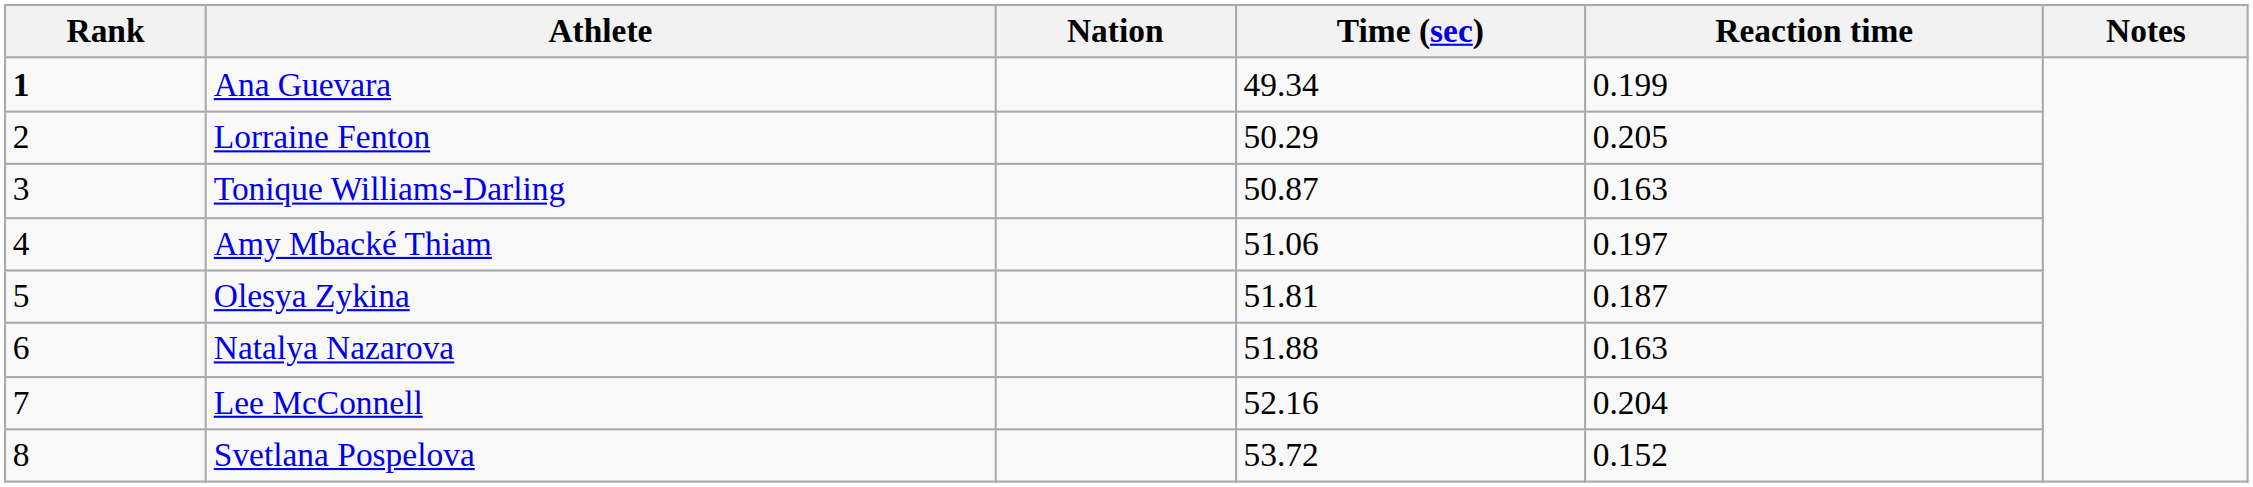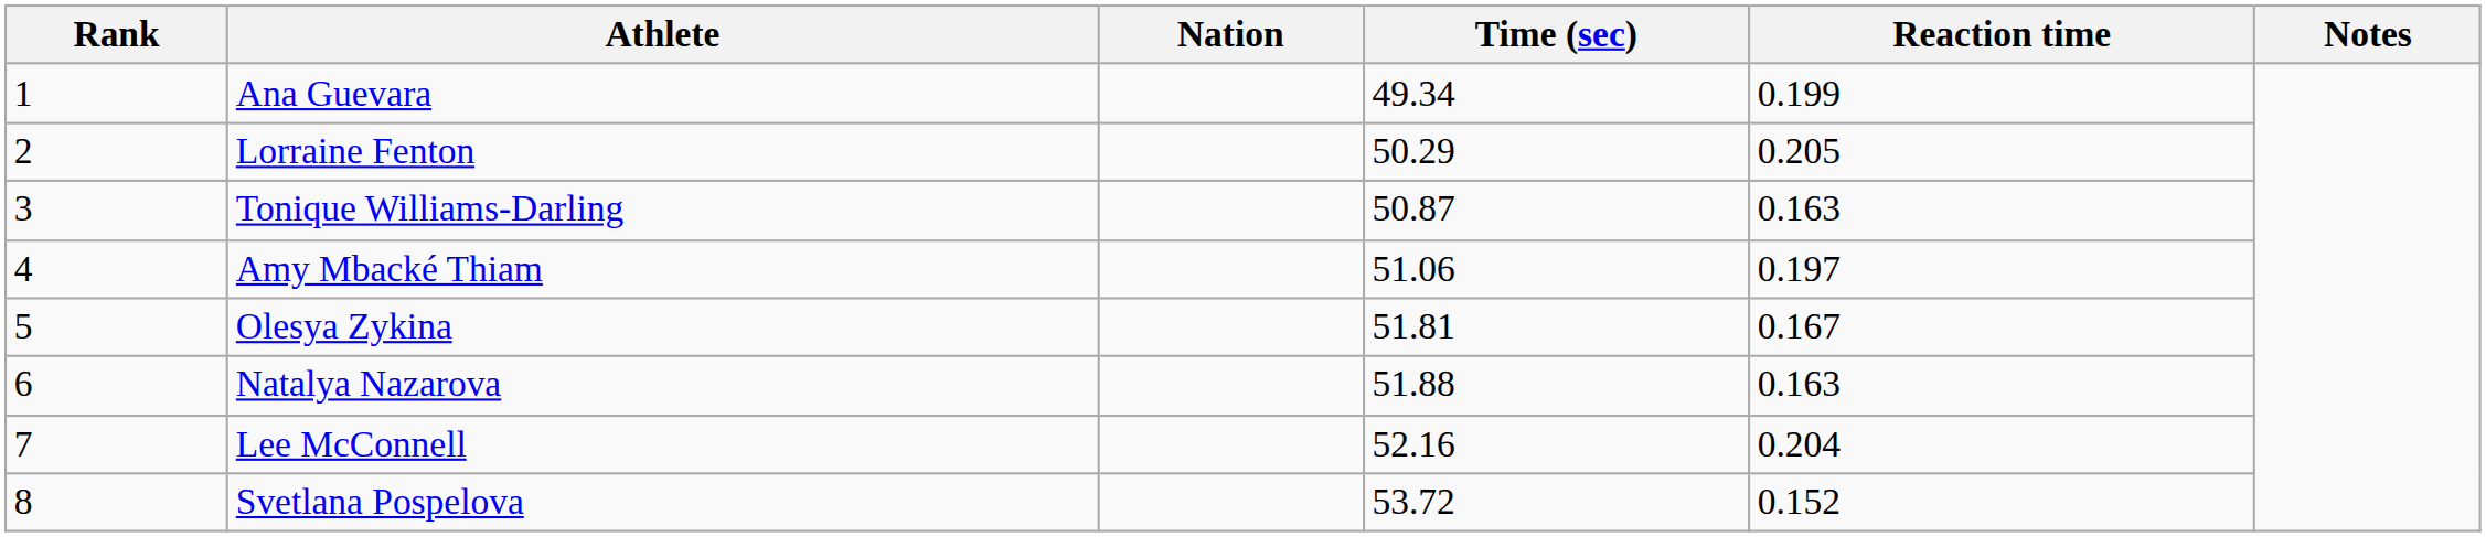 <table class="wikitable" style="text=align:center;" width=85%>
 <tr>
 <th>Rank</th>
 <th>Athlete</th>
 <th>Nation</th>
 <th>Time (<a href='#'>sec</a>)</th>
 <th>Reaction time</th>
 <th>Notes</th>
 </tr>
 <tr>
-<td><strong>1</strong></td>
+<td>1</td>
 <td><a href='#'>Ana Guevara</a></td>
 <td></td>
 <td>49.34</td>
 <td>0.199</td>
 </tr>
 <tr>
 <td>2</td>
 <td><a href='#'>Lorraine Fenton</a></td>
 <td></td>
 <td>50.29</td>
 <td>0.205</td>
 </tr>
 <tr>
 <td>3</td>
 <td><a href='#'>Tonique Williams-Darling</a></td>
 <td></td>
 <td>50.87</td>
 <td>0.163</td>
 </tr>
 <tr>
 <td>4</td>
 <td><a href='#'>Amy Mbacké Thiam</a></td>
 <td></td>
 <td>51.06</td>
 <td>0.197</td>
 </tr>
 <tr>
 <td>5</td>
 <td><a href='#'>Olesya Zykina</a></td>
 <td></td>
 <td>51.81</td>
-<td>0.187</td>
+<td>0.167</td>
 </tr>
 <tr>
 <td>6</td>
 <td><a href='#'>Natalya Nazarova</a></td>
 <td></td>
 <td>51.88</td>
 <td>0.163</td>
 </tr>
 <tr>
 <td>7</td>
 <td><a href='#'>Lee McConnell</a></td>
 <td></td>
 <td>52.16</td>
 <td>0.204</td>
 </tr>
 <tr>
 <td>8</td>
 <td><a href='#'>Svetlana Pospelova</a></td>
 <td></td>
 <td>53.72</td>
 <td>0.152</td>
 </tr>
 </table>
